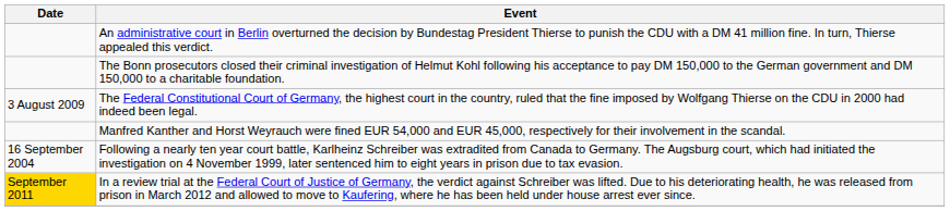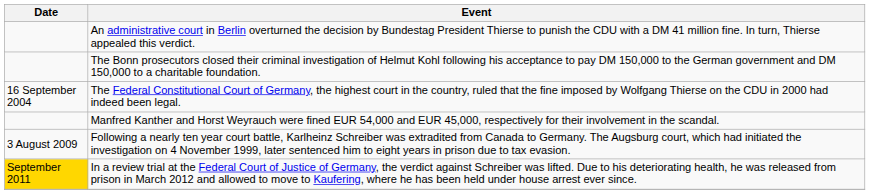 <table class="wikitable">
 <tr>
 <th>Date</th>
 <th>Event</th>
 </tr>
 <tr>
 <td></td>
 <td>An <a href='#'>administrative court</a> in <a href='#'>Berlin</a> overturned the decision by Bundestag President Thierse to punish the CDU with a DM 41 million fine. In turn, Thierse appealed this verdict.</td>
 </tr>
 <tr>
 <td></td>
 <td>The Bonn prosecutors closed their criminal investigation of Helmut Kohl following his acceptance to pay DM 150,000 to the German government and DM 150,000 to a charitable foundation.</td>
 </tr>
 <tr>
-<td>3 August 2009</td>
+<td>16 September 2004</td>
 <td>The <a href='#'>Federal Constitutional Court of Germany</a>, the highest court in the country, ruled that the fine imposed by Wolfgang Thierse on the CDU in 2000 had indeed been legal.</td>
 </tr>
 <tr>
 <td></td>
 <td>Manfred Kanther and Horst Weyrauch were fined EUR 54,000 and EUR 45,000, respectively for their involvement in the scandal.</td>
 </tr>
 <tr>
-<td>16 September 2004</td>
+<td>3 August 2009</td>
 <td>Following a nearly ten year court battle, Karlheinz Schreiber was extradited from Canada to Germany. The Augsburg court, which had initiated the investigation on 4 November 1999, later sentenced him to eight years in prison due to tax evasion.</td>
 </tr>
 <tr>
 <td style="background: gold;">September 2011</td>
 <td>In a review trial at the <a href='#'>Federal Court of Justice of Germany</a>, the verdict against Schreiber was lifted. Due to his deteriorating health, he was released from prison in March 2012 and allowed to move to <a href='#'>Kaufering</a>, where he has been held under house arrest ever since.</td>
 </tr>
 <tr>
 </tr>
 </table>
